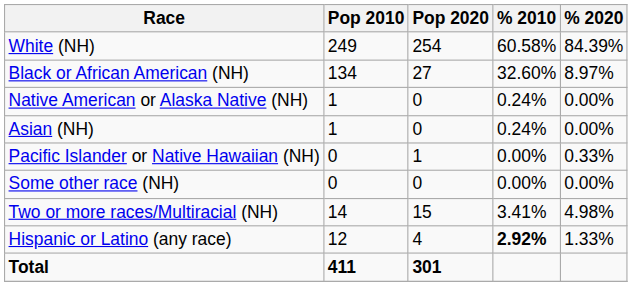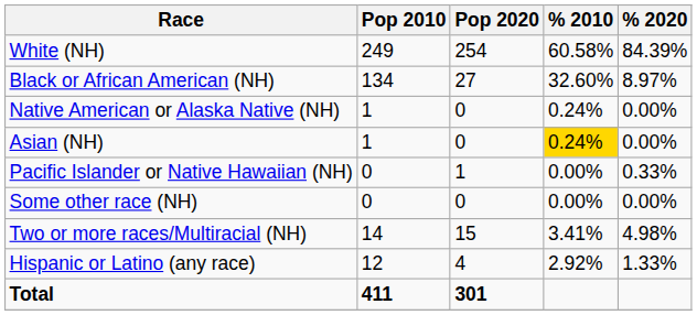 <table class="wikitable">
 <tr>
 <th>Race</th>
 <th>Pop 2010</th>
 <th>Pop 2020</th>
 <th>% 2010</th>
 <th>% 2020</th>
 </tr>
 <tr>
 <td><a href='#'>White</a> (NH)</td>
 <td>249</td>
 <td>254</td>
 <td>60.58%</td>
 <td>84.39%</td>
 </tr>
 <tr>
 <td><a href='#'>Black or African American</a> (NH)</td>
 <td>134</td>
 <td>27</td>
 <td>32.60%</td>
 <td>8.97%</td>
 </tr>
 <tr>
 <td><a href='#'>Native American</a> or <a href='#'>Alaska Native</a> (NH)</td>
 <td>1</td>
 <td>0</td>
 <td>0.24%</td>
 <td>0.00%</td>
 </tr>
 <tr>
 <td><a href='#'>Asian</a> (NH)</td>
 <td>1</td>
 <td>0</td>
-<td>0.24%</td>
+<td style="background: gold;">0.24%</td>
 <td>0.00%</td>
 </tr>
 <tr>
 <td><a href='#'>Pacific Islander</a> or <a href='#'>Native Hawaiian</a> (NH)</td>
 <td>0</td>
 <td>1</td>
 <td>0.00%</td>
 <td>0.33%</td>
 </tr>
 <tr>
 <td><a href='#'>Some other race</a> (NH)</td>
 <td>0</td>
 <td>0</td>
 <td>0.00%</td>
 <td>0.00%</td>
 </tr>
 <tr>
 <td><a href='#'>Two or more races/Multiracial</a> (NH)</td>
 <td>14</td>
 <td>15</td>
 <td>3.41%</td>
 <td>4.98%</td>
 </tr>
 <tr>
 <td><a href='#'>Hispanic or Latino</a> (any race)</td>
 <td>12</td>
 <td>4</td>
-<td><strong>2.92%</strong></td>
+<td>2.92%</td>
 <td>1.33%</td>
 </tr>
 <tr>
 <td><strong>Total</strong></td>
 <td><strong>411</strong></td>
 <td><strong>301</strong></td>
 <td></td>
 <td></td>
 </tr>
 <tr>
 </tr>
 </table>
